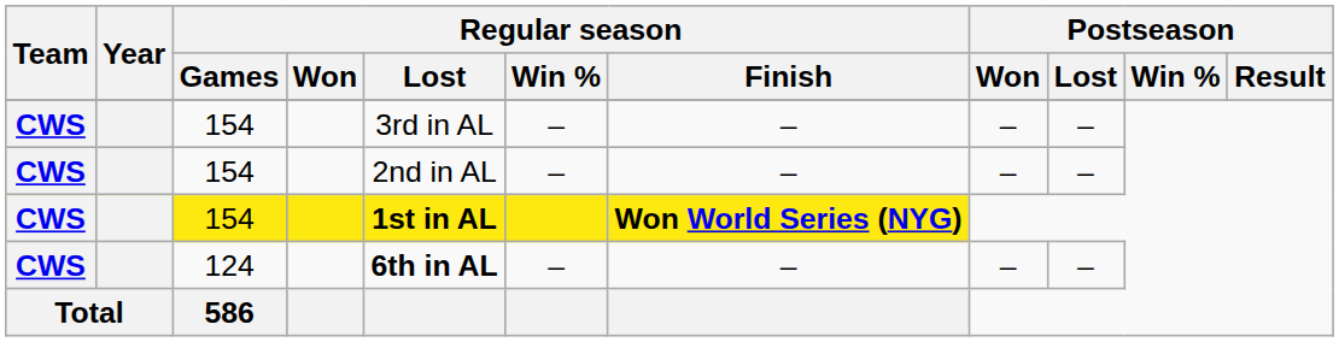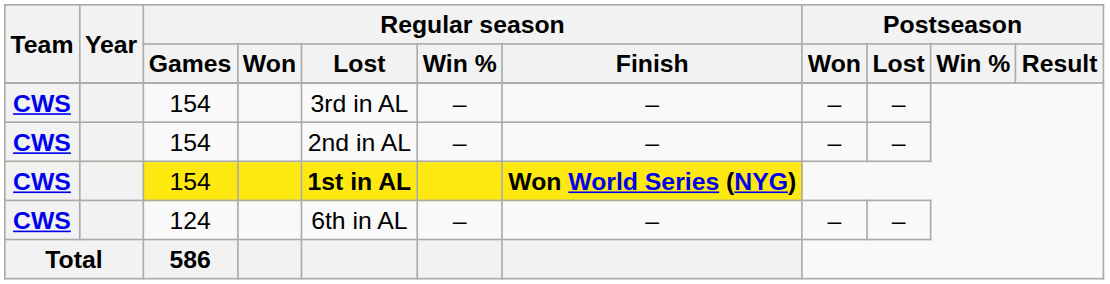 <table class="wikitable" style="font-size: 95%; text-align:center;">
 <tr>
 <th rowspan="2">Team</th>
 <th rowspan="2">Year</th>
 <th colspan="5">Regular season</th>
 <th colspan="4">Postseason</th>
 </tr>
 <tr>
 <th>Games</th>
 <th>Won</th>
 <th>Lost</th>
 <th>Win %</th>
 <th>Finish</th>
 <th>Won</th>
 <th>Lost</th>
 <th>Win %</th>
 <th>Result</th>
 </tr>
 <tr>
 </tr>
 <tr>
 <th><a href='#'>CWS</a></th>
 <th></th>
 <td>154</td>
 <td></td>
 <td>3rd in AL</td>
 <td>–</td>
 <td>–</td>
 <td>–</td>
 <td>–</td>
 </tr>
 <tr>
 <th><a href='#'>CWS</a></th>
 <th></th>
 <td>154</td>
 <td></td>
 <td>2nd in AL</td>
 <td>–</td>
 <td>–</td>
 <td>–</td>
 <td>–</td>
 </tr>
 <tr style="background:#fde910">
 <th><a href='#'>CWS</a></th>
 <th></th>
 <td>154</td>
 <td></td>
 <td><strong>1st in AL</strong></td>
 <td></td>
 <td><strong>Won <a href='#'>World Series</a> (<a href='#'>NYG</a>)</strong></td>
 </tr>
 <tr>
 <th><a href='#'>CWS</a></th>
 <th></th>
 <td>124</td>
 <td></td>
-<td><strong>6th in AL</strong></td>
+<td>6th in AL</td>
 <td>–</td>
 <td>–</td>
 <td>–</td>
 <td>–</td>
 </tr>
 <tr>
 <th colspan="2">Total</th>
 <th>586</th>
 <th></th>
 <th></th>
 <th></th>
 <th></th>
 </tr>
 </table>
